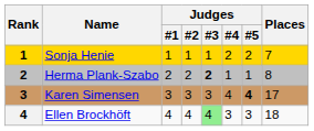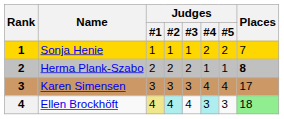 <table class="wikitable">
 <tr>
 <th rowspan=2>Rank</th>
 <th rowspan=2>Name</th>
 <th colspan=5>Judges</th>
 <th rowspan=2>Places</th>
 </tr>
 <tr>
 <th>#1</th>
 <th>#2</th>
 <th>#3</th>
 <th>#4</th>
 <th>#5</th>
 </tr>
 <tr bgcolor=gold>
 <td align=center><strong>1</strong></td>
 <td> <a href='#'>Sonja Henie</a></td>
 <td>1</td>
 <td>1</td>
 <td>1</td>
 <td>2</td>
 <td>2</td>
 <td>7</td>
 </tr>
 <tr bgcolor=silver>
 <td align=center><strong>2</strong></td>
 <td> <a href='#'>Herma Plank-Szabo</a></td>
 <td>2</td>
 <td>2</td>
-<td><strong>2</strong></td>
+<td>2</td>
 <td>1</td>
 <td>1</td>
-<td>8</td>
+<td><strong>8</strong></td>
 </tr>
 <tr bgcolor=cc9966>
 <td align=center><strong>3</strong></td>
 <td> <a href='#'>Karen Simensen</a></td>
 <td>3</td>
 <td>3</td>
 <td>3</td>
 <td>4</td>
-<td><strong>4</strong></td>
+<td>4</td>
 <td>17</td>
 </tr>
 <tr>
 <th>4</th>
 <td> <a href='#'>Ellen Brockhöft</a></td>
+<td style="background: khaki;">4</td>
+<td style="background: paleturquoise;">4</td>
 <td>4</td>
-<td>4</td>
-<td style="background: lightgreen;">4</td>
+<td style="background: paleturquoise;">3</td>
 <td>3</td>
-<td>3</td>
-<td>18</td>
+<td style="background: lightgreen;">18</td>
 </tr>
 </table>
